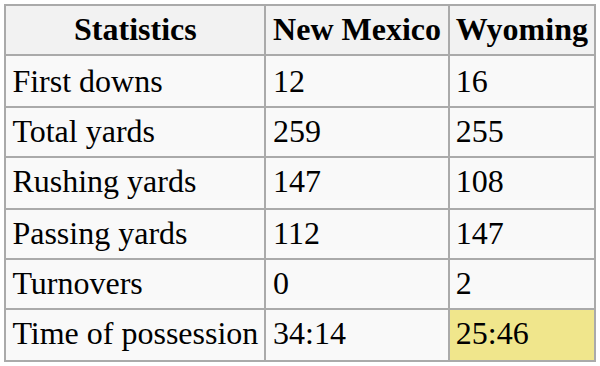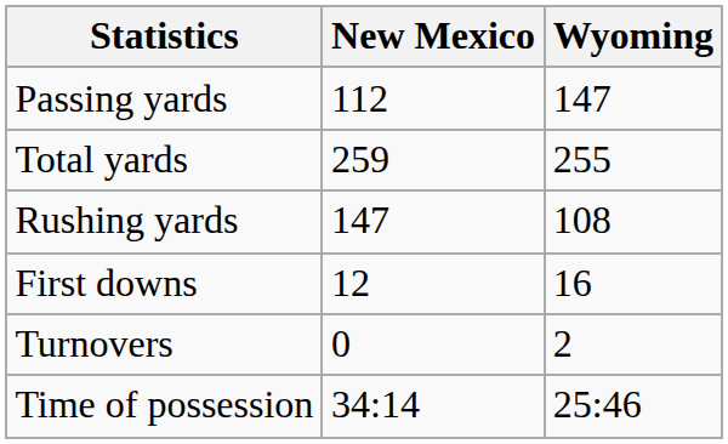 <table class="wikitable">
 <tr>
 <th>Statistics</th>
 <th>New Mexico</th>
 <th>Wyoming</th>
 </tr>
 <tr>
-<td>First downs</td>
-<td>12</td>
-<td>16</td>
+<td>Passing yards</td>
+<td>112</td>
+<td>147</td>
 </tr>
 <tr>
 <td>Total yards</td>
 <td>259</td>
 <td>255</td>
 </tr>
 <tr>
 <td>Rushing yards</td>
 <td>147</td>
 <td>108</td>
 </tr>
 <tr>
-<td>Passing yards</td>
-<td>112</td>
-<td>147</td>
+<td>First downs</td>
+<td>12</td>
+<td>16</td>
 </tr>
 <tr>
 <td>Turnovers</td>
 <td>0</td>
 <td>2</td>
 </tr>
 <tr>
 <td>Time of possession</td>
 <td>34:14</td>
-<td style="background: khaki;">25:46</td>
+<td>25:46</td>
 </tr>
 <tr>
 </tr>
 </table>
